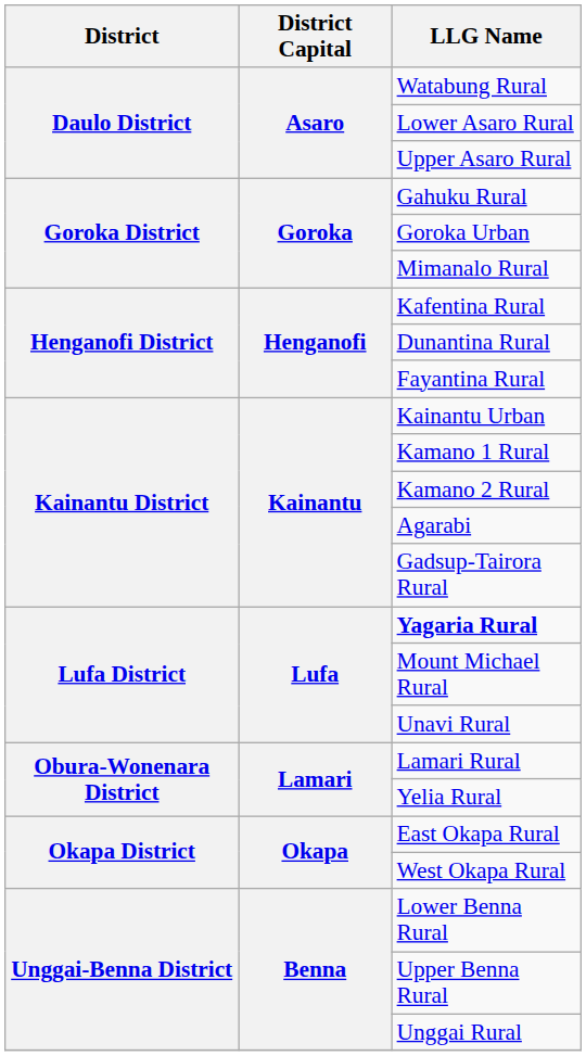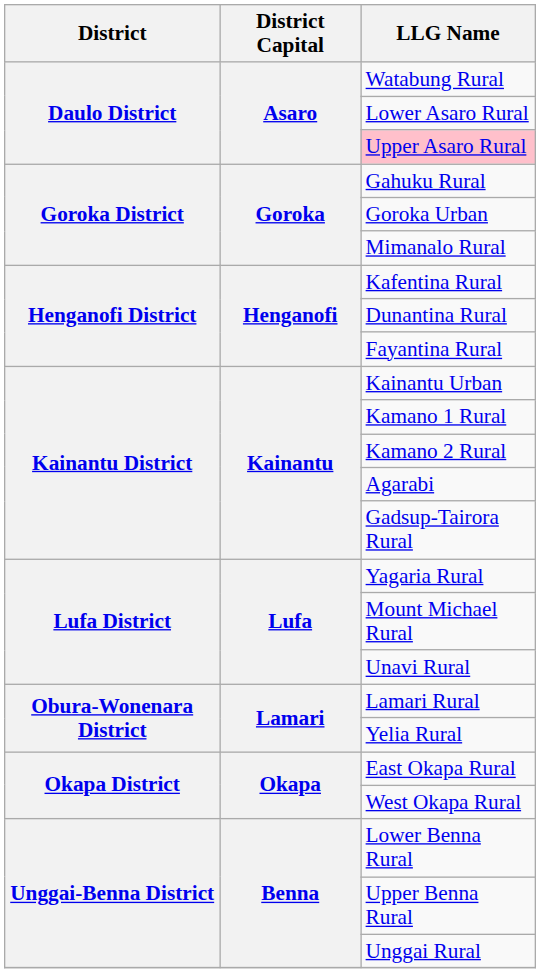 <table class="wikitable" style="text-align: left;" width="400">
 <tr>
 <th>District</th>
 <th>District Capital</th>
 <th>LLG Name</th>
 </tr>
 <tr>
 <th rowspan="3"><a href='#'>Daulo District</a></th>
 <th rowspan="3"><a href='#'>Asaro</a></th>
 <td><a href='#'>Watabung Rural</a></td>
 </tr>
 <tr>
 <td><a href='#'>Lower Asaro Rural</a></td>
 </tr>
 <tr>
-<td><a href='#'>Upper Asaro Rural</a></td>
+<td style="background: pink;"><a href='#'>Upper Asaro Rural</a></td>
 </tr>
 <tr>
 <th rowspan="3"><a href='#'>Goroka District</a></th>
 <th rowspan="3"><a href='#'>Goroka</a></th>
 <td><a href='#'>Gahuku Rural</a></td>
 </tr>
 <tr>
 <td><a href='#'>Goroka Urban</a></td>
 </tr>
 <tr>
 <td><a href='#'>Mimanalo Rural</a></td>
 </tr>
 <tr>
 <th rowspan="3"><a href='#'>Henganofi District</a></th>
 <th rowspan="3"><a href='#'>Henganofi</a></th>
 <td><a href='#'>Kafentina Rural</a></td>
 </tr>
 <tr>
 <td><a href='#'>Dunantina Rural</a></td>
 </tr>
 <tr>
 <td><a href='#'>Fayantina Rural</a></td>
 </tr>
 <tr>
 <th rowspan="5"><a href='#'>Kainantu District</a></th>
 <th rowspan="5"><a href='#'>Kainantu</a></th>
 <td><a href='#'>Kainantu Urban</a></td>
 </tr>
 <tr>
 <td><a href='#'>Kamano 1 Rural</a></td>
 </tr>
 <tr>
 <td><a href='#'>Kamano 2 Rural</a></td>
 </tr>
 <tr>
 <td><a href='#'>Agarabi</a></td>
 </tr>
 <tr>
 <td><a href='#'>Gadsup-Tairora Rural</a></td>
 </tr>
 <tr>
 <th rowspan="3"><a href='#'>Lufa District</a></th>
 <th rowspan="3"><a href='#'>Lufa</a></th>
-<td><strong><a href='#'>Yagaria Rural</a></strong></td>
+<td><a href='#'>Yagaria Rural</a></td>
 </tr>
 <tr>
 <td><a href='#'>Mount Michael Rural</a></td>
 </tr>
 <tr>
 <td><a href='#'>Unavi Rural</a></td>
 </tr>
 <tr>
 <th rowspan="2"><a href='#'>Obura-Wonenara District</a></th>
 <th rowspan="2"><a href='#'>Lamari</a></th>
 <td><a href='#'>Lamari Rural</a></td>
 </tr>
 <tr>
 <td><a href='#'>Yelia Rural</a></td>
 </tr>
 <tr>
 <th rowspan="2"><a href='#'>Okapa District</a></th>
 <th rowspan="2"><a href='#'>Okapa</a></th>
 <td><a href='#'>East Okapa Rural</a></td>
 </tr>
 <tr>
 <td><a href='#'>West Okapa Rural</a></td>
 </tr>
 <tr>
 <th rowspan="3"><a href='#'>Unggai-Benna District</a></th>
 <th rowspan="3"><a href='#'>Benna</a></th>
 <td><a href='#'>Lower Benna Rural</a></td>
 </tr>
 <tr>
 <td><a href='#'>Upper Benna Rural</a></td>
 </tr>
 <tr>
 <td><a href='#'>Unggai Rural</a></td>
 </tr>
 <tr>
 </tr>
 </table>
